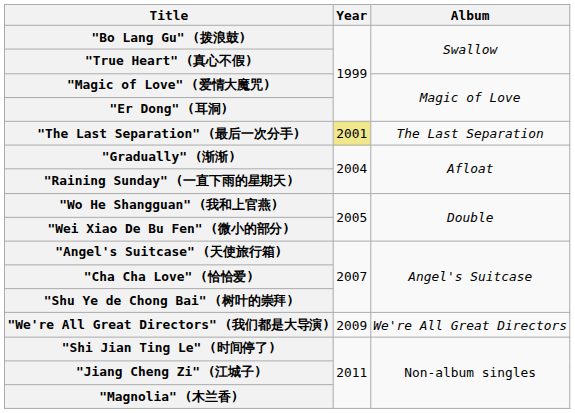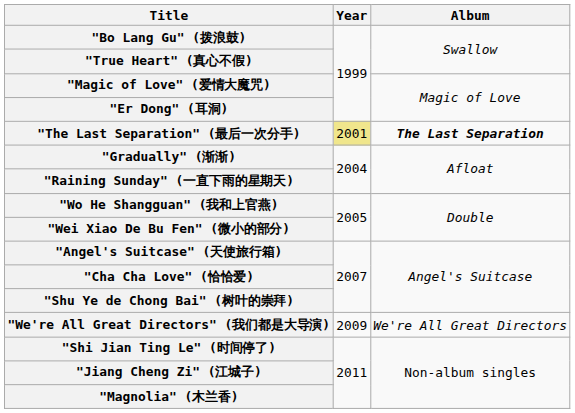 <table class="wikitable plainrowheaders" style="text-align:center;">
 <tr>
 <th rowspan="1">Title</th>
 <th rowspan="1">Year</th>
 <th rowspan="1">Album</th>
 </tr>
 <tr>
 <th scope="row">"Bo Lang Gu" (拨浪鼓)</th>
 <td rowspan="4">1999</td>
 <td rowspan="2"><em>Swallow</em></td>
 </tr>
 <tr>
 <th scope="row">"True Heart" (真心不假)</th>
 </tr>
 <tr>
 <th scope="row">"Magic of Love" (爱情大魔咒)</th>
 <td rowspan="2"><em>Magic of Love</em></td>
 </tr>
 <tr>
 <th scope="row">"Er Dong" (耳洞)</th>
 </tr>
 <tr>
 <th scope="row">"The Last Separation" (最后一次分手)</th>
 <td style="background: khaki;">2001</td>
-<td><em>The Last Separation</em></td>
+<td><strong><em>The Last Separation</em></strong></td>
 </tr>
 <tr>
 <th scope="row">"Gradually" (渐渐)</th>
 <td rowspan="2">2004</td>
 <td rowspan="2"><em>Afloat</em></td>
 </tr>
 <tr>
 <th scope="row">"Raining Sunday" (一直下雨的星期天)</th>
 </tr>
 <tr>
 <th scope="row">"Wo He Shangguan" (我和上官燕)</th>
 <td rowspan="2">2005</td>
 <td rowspan="2"><em>Double</em></td>
 </tr>
 <tr>
 <th scope="row">"Wei Xiao De Bu Fen" (微小的部分)</th>
 </tr>
 <tr>
 <th scope="row">"Angel's Suitcase" (天使旅行箱)</th>
 <td rowspan="3">2007</td>
 <td rowspan="3"><em>Angel's Suitcase</em></td>
 </tr>
 <tr>
 <th scope="row">"Cha Cha Love" (恰恰爱)</th>
 </tr>
 <tr>
 <th scope="row">"Shu Ye de Chong Bai" (树叶的崇拜)</th>
 </tr>
 <tr>
 <th scope="row">"We're All Great Directors" (我们都是大导演)</th>
 <td>2009</td>
 <td><em>We're All Great Directors</em></td>
 </tr>
 <tr>
 <th scope="row">"Shi Jian Ting Le" (时间停了)</th>
 <td rowspan="3">2011</td>
 <td rowspan="3">Non-album singles</td>
 </tr>
 <tr>
 <th scope="row">"Jiang Cheng Zi" (江城子)</th>
 </tr>
 <tr>
 <th scope="row">"Magnolia" (木兰香)</th>
 </tr>
 </table>
